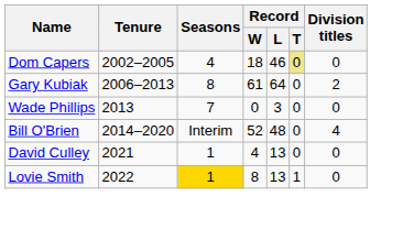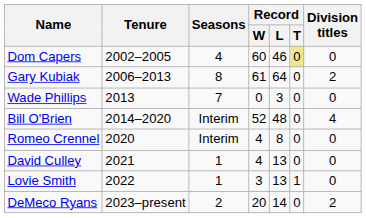 <table class="wikitable" style="text-align: center">
 <tr>
 <th rowspan="2">Name</th>
 <th rowspan="2">Tenure</th>
 <th rowspan="2">Seasons</th>
 <th colspan="3">Record</th>
 <th rowspan="2">Division <br> titles</th>
 </tr>
 <tr>
 <th>W</th>
 <th>L</th>
 <th>T</th>
 </tr>
 <tr>
 <td align=left><a href='#'>Dom Capers</a></td>
 <td align=left>2002–2005</td>
 <td>4</td>
-<td>18</td>
+<td>60</td>
 <td>46</td>
 <td style="background: khaki;">0</td>
 <td>0</td>
 </tr>
 <tr>
 <td align=left><a href='#'>Gary Kubiak</a></td>
 <td align=left>2006–2013</td>
 <td>8</td>
 <td>61</td>
 <td>64</td>
 <td>0</td>
 <td>2</td>
 </tr>
 <tr>
 <td align=left><a href='#'>Wade Phillips</a></td>
 <td align=left>2013</td>
 <td>7</td>
 <td>0</td>
 <td>3</td>
 <td>0</td>
 <td>0</td>
 </tr>
 <tr>
 <td align=left><a href='#'>Bill O'Brien</a></td>
 <td align=left>2014–2020</td>
 <td>Interim</td>
 <td>52</td>
 <td>48</td>
 <td>0</td>
 <td>4</td>
 </tr>
 <tr>
+<td align=left><a href='#'>Romeo Crennel</a></td>
+<td align=left>2020</td>
+<td>Interim</td>
+<td>4</td>
+<td>8</td>
+<td>0</td>
+<td>0</td>
+</tr>
+<tr>
 <td align=left><a href='#'>David Culley</a></td>
 <td align=left>2021</td>
 <td>1</td>
 <td>4</td>
 <td>13</td>
 <td>0</td>
 <td>0</td>
 </tr>
 <tr>
 <td align=left><a href='#'>Lovie Smith</a></td>
 <td align=left>2022</td>
-<td style="background: gold;">1</td>
-<td>8</td>
+<td>1</td>
+<td>3</td>
 <td>13</td>
 <td>1</td>
 <td>0</td>
 </tr>
+<tr>
+<td align=left><a href='#'>DeMeco Ryans</a></td>
+<td align=left>2023–present</td>
+<td>2</td>
+<td>20</td>
+<td>14</td>
+<td>0</td>
+<td>2</td>
+</tr>
 </table>
